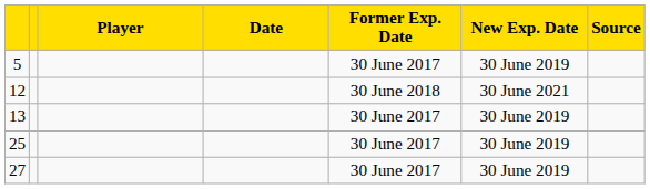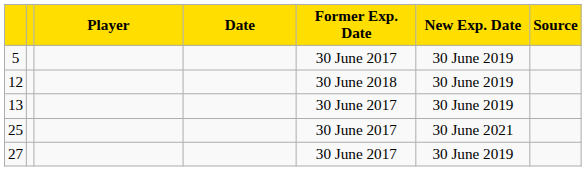 <table class="wikitable sortable">
 <tr>
 <th style="background:#FFDE00"></th>
 <th style="background:#FFDE00"></th>
 <th width=200 style="background:#FFDE00">Player</th>
 <th width=150 style="background:#FFDE00">Date</th>
 <th width=150 style="background:#FFDE00">Former Exp. Date</th>
 <th width=150 style="background:#FFDE00">New Exp. Date</th>
 <th style="background:#FFDE00">Source</th>
 </tr>
 <tr>
 <td align=center>5</td>
 <td align=center></td>
 <td></td>
 <td align=center></td>
 <td align=center>30 June 2017</td>
 <td align=center>30 June 2019</td>
 <td align=center></td>
 </tr>
 <tr>
 <td align=center>12</td>
 <td align=center></td>
 <td></td>
 <td align=center></td>
 <td align=center>30 June 2018</td>
-<td align=center>30 June 2021</td>
+<td align=center>30 June 2019</td>
 <td align=center></td>
 </tr>
 <tr>
 <td align=center>13</td>
 <td align=center></td>
 <td></td>
 <td align=center></td>
 <td align=center>30 June 2017</td>
 <td align=center>30 June 2019</td>
 <td align=center></td>
 </tr>
 <tr>
 <td align=center>25</td>
 <td align=center></td>
 <td></td>
 <td align=center></td>
 <td align=center>30 June 2017</td>
-<td align=center>30 June 2019</td>
+<td align=center>30 June 2021</td>
 <td align=center></td>
 </tr>
 <tr>
 <td align=center>27</td>
 <td align=center></td>
 <td></td>
 <td align=center></td>
 <td align=center>30 June 2017</td>
 <td align=center>30 June 2019</td>
 <td align=center></td>
 </tr>
 </table>
